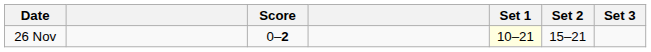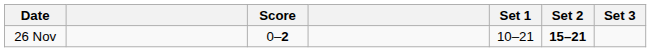 <table class="wikitable" style="text-align: center; font-size:90% ">
 <tr>
 <th width="60">Date</th>
 <th align="right" width="190"></th>
 <th width="60">Score</th>
 <th align="left" width="190"></th>
 <th width="50">Set 1</th>
 <th width="50">Set 2</th>
 <th width="50">Set 3</th>
 </tr>
 <tr>
 <td>26 Nov</td>
 <td align=right></td>
 <td align=center>0–<strong>2</strong></td>
 <td align=left><strong></strong></td>
-<td style="background: lightyellow;">10–21</td>
-<td>15–21</td>
+<td>10–21</td>
+<td><strong>15–21</strong></td>
 </tr>
 </table>
